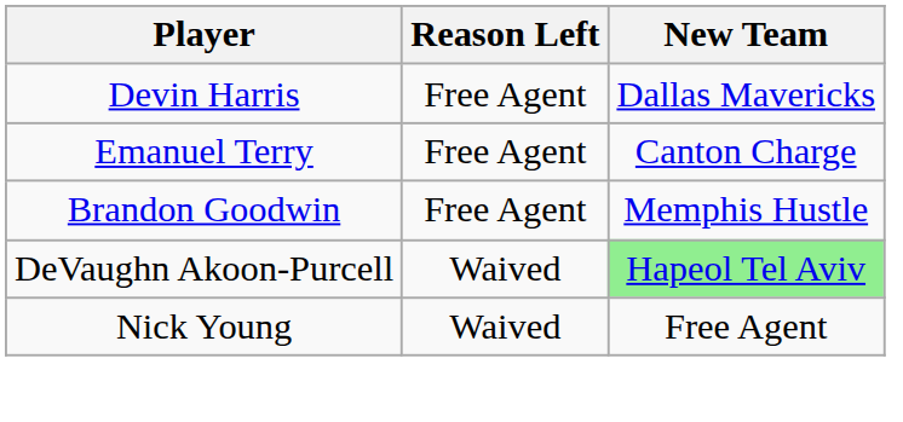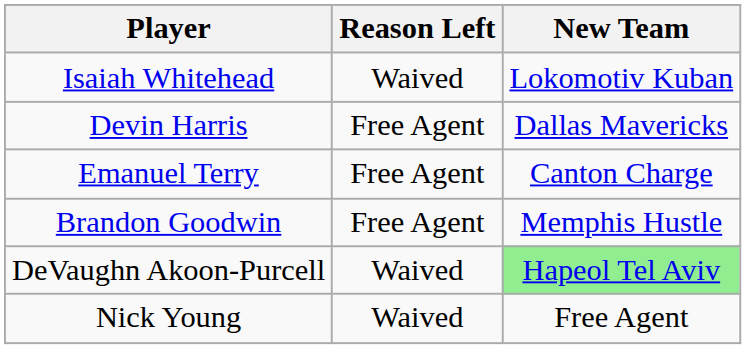 <table class="wikitable sortable sortable">
 <tr>
 <th>Player</th>
 <th>Reason Left</th>
 <th>New Team</th>
+</tr>
+<tr style="text-align:center;">
+<td><a href='#'>Isaiah Whitehead</a></td>
+<td>Waived</td>
+<td><a href='#'>Lokomotiv Kuban</a></td>
 </tr>
 <tr style="text-align: center">
 <td><a href='#'>Devin Harris</a></td>
 <td>Free Agent</td>
 <td><a href='#'>Dallas Mavericks</a></td>
 </tr>
 <tr style="text-align: center">
 <td><a href='#'>Emanuel Terry</a></td>
 <td>Free Agent</td>
 <td> <a href='#'>Canton Charge</a></td>
 </tr>
 <tr style="text-align: center">
 <td><a href='#'>Brandon Goodwin</a></td>
 <td>Free Agent</td>
 <td> <a href='#'>Memphis Hustle</a></td>
 </tr>
 <tr style="text-align: center">
 <td>DeVaughn Akoon-Purcell</td>
 <td>Waived</td>
 <td style="background: lightgreen;"> <a href='#'>Hapeol Tel Aviv</a></td>
 </tr>
 <tr style="text-align: center">
 <td>Nick Young</td>
 <td>Waived</td>
 <td>Free Agent</td>
 </tr>
 </table>
